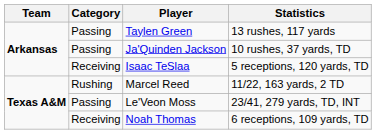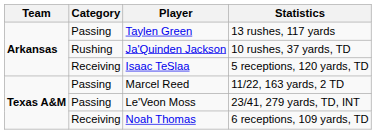 <table class="wikitable" style="float: right;">
 <tr>
 <th>Team</th>
 <th>Category</th>
 <th>Player</th>
 <th>Statistics</th>
 </tr>
 <tr>
 <td rowspan=3><strong>Arkansas</strong></td>
 <td>Passing</td>
 <td><a href='#'>Taylen Green</a></td>
 <td>13 rushes, 117 yards</td>
 </tr>
 <tr>
-<td>Passing</td>
+<td>Rushing</td>
 <td><a href='#'>Ja'Quinden Jackson</a></td>
 <td>10 rushes, 37 yards, TD</td>
 </tr>
 <tr>
 <td>Receiving</td>
 <td><a href='#'>Isaac TeSlaa</a></td>
 <td>5 receptions, 120 yards, TD</td>
 </tr>
 <tr>
 <td rowspan=3><strong>Texas A&M</strong></td>
-<td>Rushing</td>
+<td>Passing</td>
 <td>Marcel Reed</td>
 <td>11/22, 163 yards, 2 TD</td>
 </tr>
 <tr>
 <td>Passing</td>
 <td>Le'Veon Moss</td>
 <td>23/41, 279 yards, TD, INT</td>
 </tr>
 <tr>
 <td>Receiving</td>
 <td><a href='#'>Noah Thomas</a></td>
 <td>6 receptions, 109 yards, TD</td>
 </tr>
 </table>
